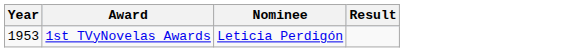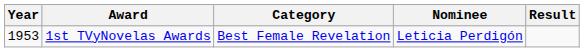 <table class="wikitable">
 <tr style="background:#b0c4de;">
 <th>Year</th>
 <th>Award</th>
+<th>Category</th>
 <th>Nominee</th>
 <th>Result</th>
 </tr>
 <tr>
 <td>1953</td>
 <td><a href='#'>1st TVyNovelas Awards</a></td>
+<td><a href='#'>Best Female Revelation</a></td>
 <td><a href='#'>Leticia Perdigón</a></td>
 <td></td>
 </tr>
 </table>
